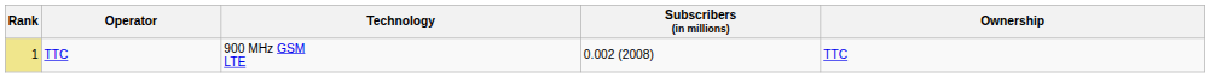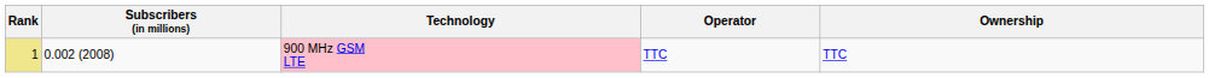 <table class="wikitable">
 <tr>
 <th style="width:3%;">Rank</th>
+<th style="width:20%;">Subscribers<br><small>(in millions)</small></th>
+<th style="width:30%;">Technology</th>
 <th style="width:15%;">Operator</th>
-<th style="width:30%;">Technology</th>
-<th style="width:20%;">Subscribers<br><small>(in millions)</small></th>
 <th style="width:32%;">Ownership</th>
 </tr>
 <tr>
 <td align=right style="background: khaki;">1</td>
+<td>0.002 (2008)</td>
+<td style="background: pink;">900 MHz <a href='#'>GSM</a><br><a href='#'>LTE</a></td>
 <td><a href='#'>TTC</a></td>
-<td>900 MHz <a href='#'>GSM</a><br><a href='#'>LTE</a></td>
-<td>0.002 (2008)</td>
 <td><a href='#'>TTC</a></td>
 </tr>
 </table>
